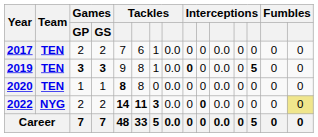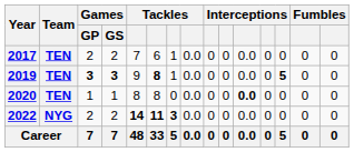 <table class="wikitable" style="text-align:center;">
 <tr>
 <th rowspan="2">Year</th>
 <th rowspan="2">Team</th>
 <th colspan="2">Games</th>
 <th colspan="4">Tackles</th>
 <th colspan="5">Interceptions</th>
 <th colspan="2">Fumbles</th>
 </tr>
 <tr>
 <th>GP</th>
 <th>GS</th>
 <th></th>
 <th></th>
 <th></th>
 <th></th>
 <th></th>
 <th></th>
 <th></th>
 <th></th>
 <th></th>
 <th></th>
 <th></th>
 </tr>
 <tr>
 <th><a href='#'>2017</a></th>
 <th><a href='#'>TEN</a></th>
 <td>2</td>
 <td>2</td>
 <td>7</td>
 <td>6</td>
 <td>1</td>
 <td>0.0</td>
 <td>0</td>
 <td>0</td>
 <td>0.0</td>
 <td>0</td>
 <td>0</td>
 <td>0</td>
 <td>0</td>
 </tr>
 <tr>
 <th><a href='#'>2019</a></th>
 <th><a href='#'>TEN</a></th>
 <td><strong>3</strong></td>
 <td><strong>3</strong></td>
 <td>9</td>
-<td>8</td>
+<td><strong>8</strong></td>
 <td>1</td>
 <td>0.0</td>
-<td><strong>0</strong></td>
+<td>0</td>
 <td>0</td>
 <td>0.0</td>
 <td>0</td>
 <td><strong>5</strong></td>
 <td>0</td>
 <td>0</td>
 </tr>
 <tr>
 <th><a href='#'>2020</a></th>
 <th><a href='#'>TEN</a></th>
 <td>1</td>
 <td>1</td>
-<td><strong>8</strong></td>
+<td>8</td>
 <td>8</td>
 <td>0</td>
 <td>0.0</td>
 <td>0</td>
 <td>0</td>
-<td>0.0</td>
+<td><strong>0.0</strong></td>
 <td>0</td>
 <td>0</td>
 <td>0</td>
 <td>0</td>
 </tr>
 <tr>
 <th><a href='#'>2022</a></th>
 <th><a href='#'>NYG</a></th>
 <td>2</td>
 <td>2</td>
 <td><strong>14</strong></td>
 <td><strong>11</strong></td>
 <td><strong>3</strong></td>
 <td>0.0</td>
 <td>0</td>
-<td><strong>0</strong></td>
+<td>0</td>
 <td>0.0</td>
 <td>0</td>
 <td>0</td>
 <td>0</td>
-<td style="background: khaki;">0</td>
+<td>0</td>
 </tr>
 <tr>
 <th colspan="2">Career</th>
 <th>7</th>
 <th>7</th>
 <th>48</th>
 <th>33</th>
 <th>5</th>
 <th>0.0</th>
 <th>0</th>
 <th>0</th>
 <th>0.0</th>
 <th>0</th>
 <th>5</th>
 <th>0</th>
 <th>0</th>
 </tr>
 </table>
